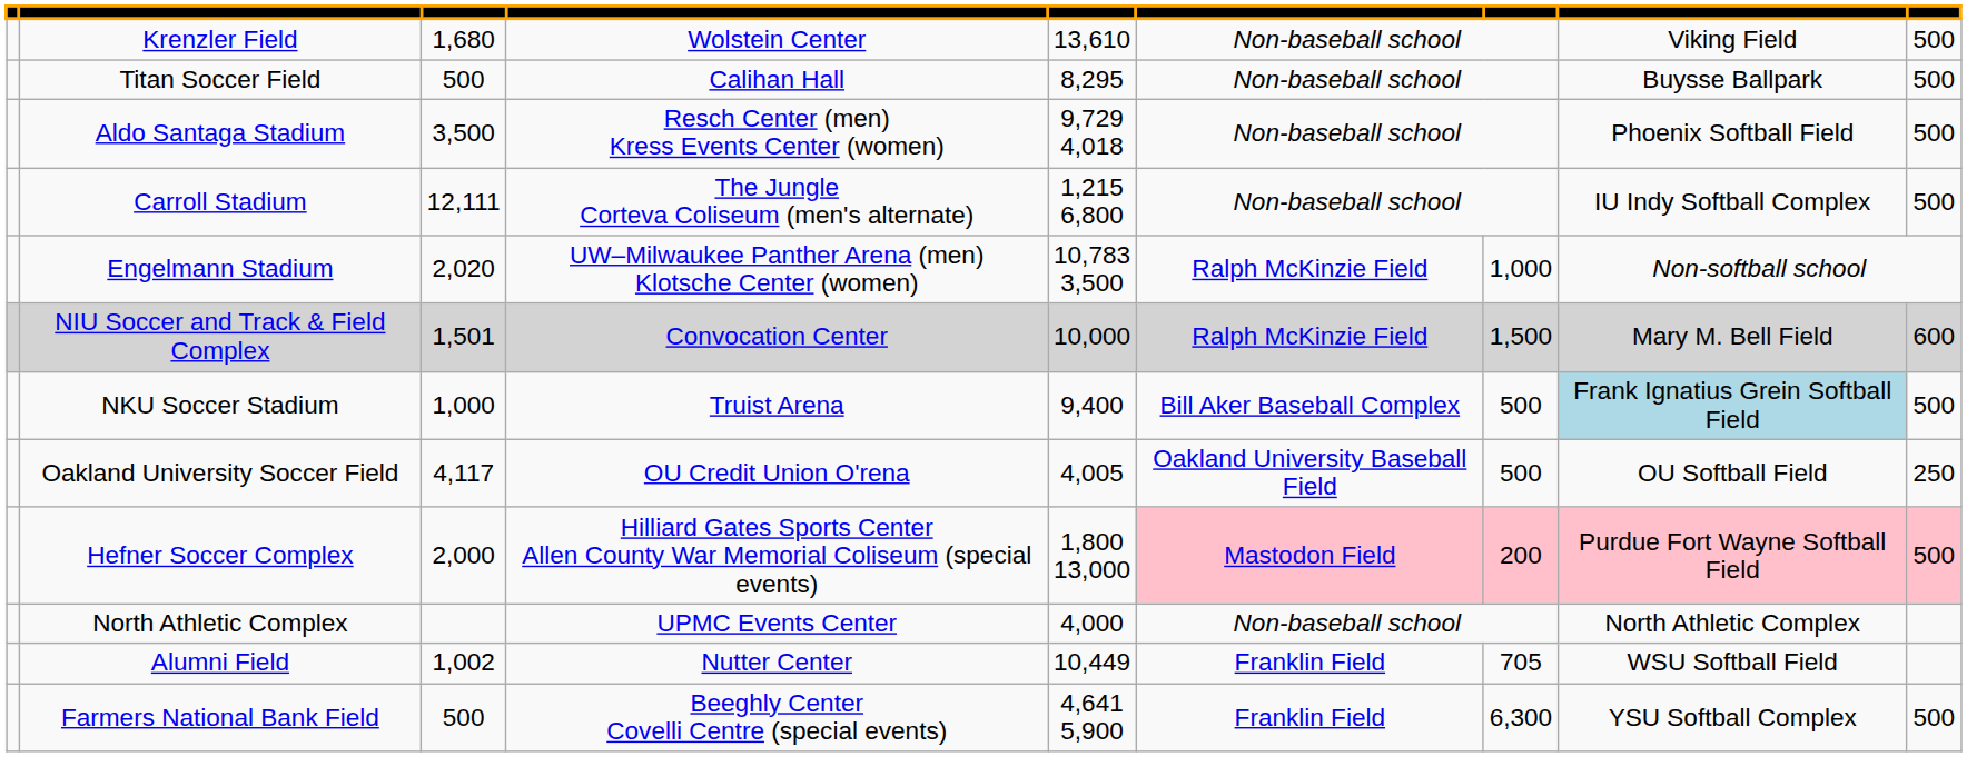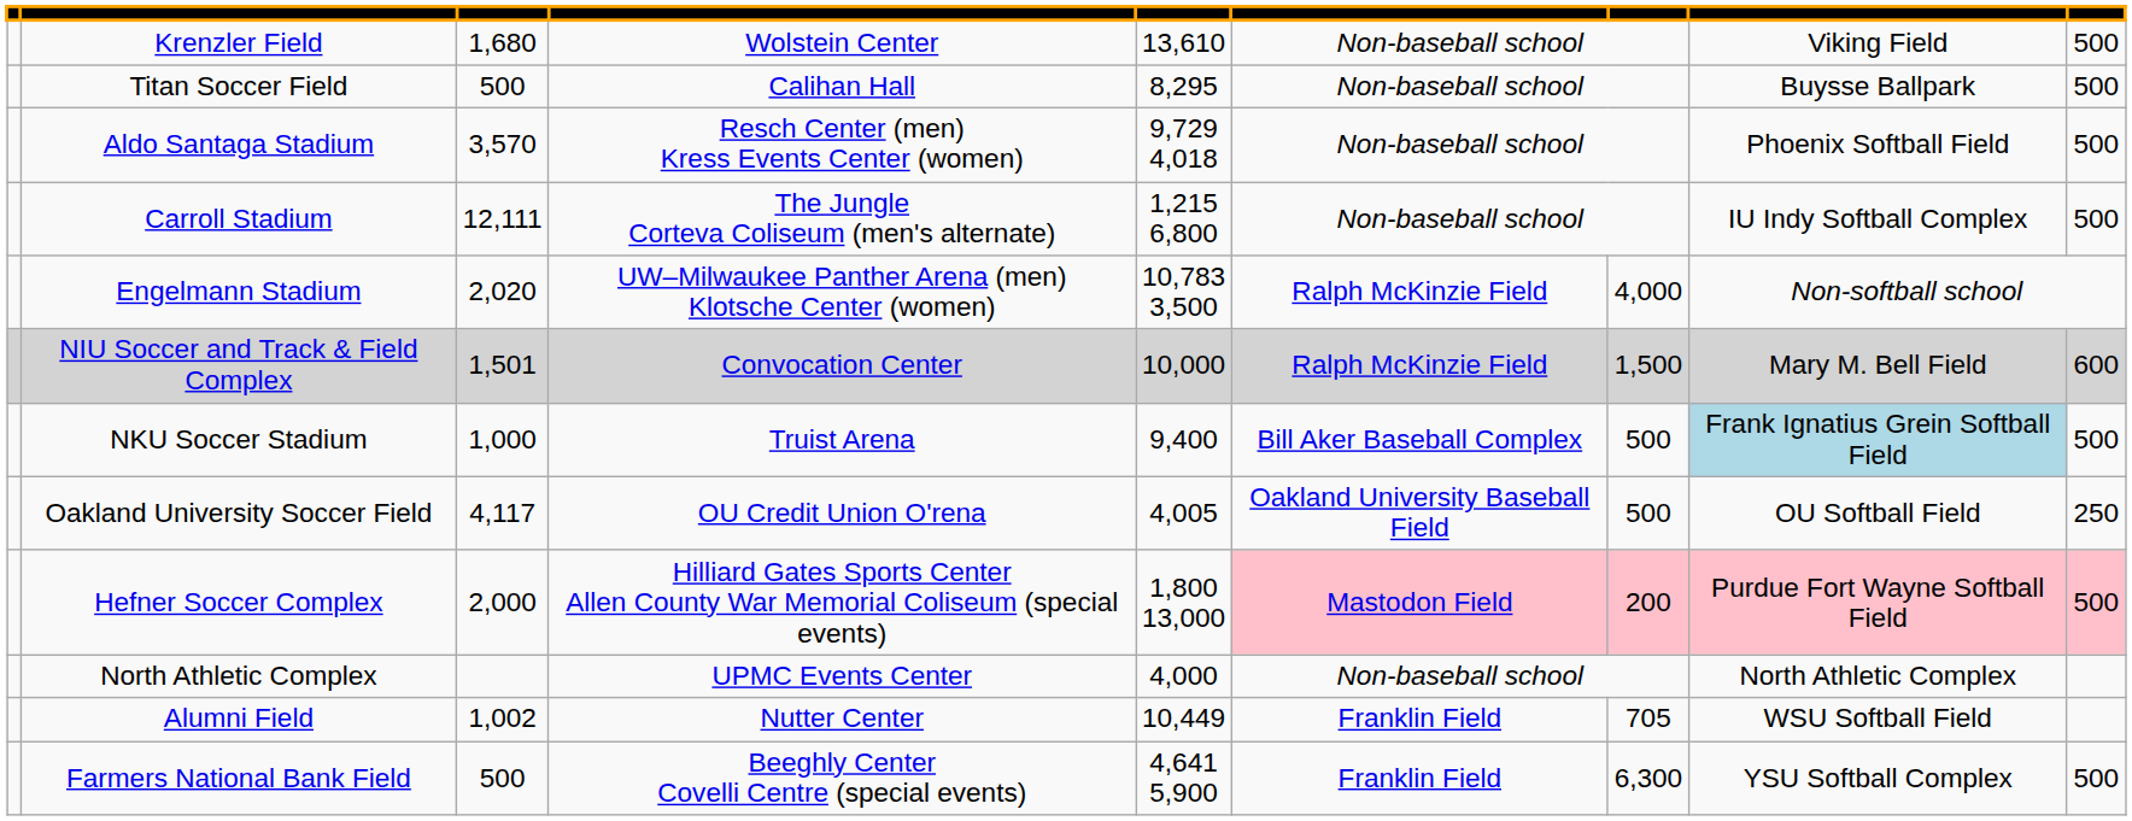 <table class="wikitable sortable" style="text-align: center">
 <tr bgcolor=black>
 <td style="border:2px solid #FFA500"></td>
 <td style="border:2px solid #FFA500"></td>
 <td style="border:2px solid #FFA500"></td>
 <td style="border:2px solid #FFA500"></td>
 <td style="border:2px solid #FFA500"></td>
 <td style="border:2px solid #FFA500"></td>
 <td style="border:2px solid #FFA500"></td>
 <td style="border:2px solid #FFA500"></td>
 <td style="border:2px solid #FFA500"></td>
 </tr>
 <tr>
 <td style="text-align:center; "><a href='#'></a></td>
 <td><a href='#'>Krenzler Field</a></td>
 <td>1,680</td>
 <td><a href='#'>Wolstein Center</a></td>
 <td>13,610</td>
 <td colspan="2" style="text-align:center;"><em>Non-baseball school</em></td>
 <td>Viking Field</td>
 <td>500</td>
 </tr>
 <tr>
 <td style="text-align:center; "><a href='#'></a></td>
 <td>Titan Soccer Field</td>
 <td>500</td>
 <td><a href='#'>Calihan Hall</a></td>
 <td>8,295</td>
 <td colspan="2" style="text-align:center;"><em>Non-baseball school</em></td>
 <td>Buysse Ballpark</td>
 <td>500</td>
 </tr>
 <tr>
 <td style="text-align:center; "><a href='#'></a></td>
 <td><a href='#'>Aldo Santaga Stadium</a></td>
-<td>3,500</td>
+<td>3,570</td>
 <td><a href='#'>Resch Center</a> (men) <br> <a href='#'>Kress Events Center</a> (women)</td>
 <td>9,729<br>4,018</td>
 <td colspan="2" style="text-align:center;"><em>Non-baseball school</em></td>
 <td>Phoenix Softball Field</td>
 <td>500</td>
 </tr>
 <tr>
 <td style="text-align:center; "><a href='#'></a></td>
 <td><a href='#'>Carroll Stadium</a></td>
 <td>12,111</td>
 <td><a href='#'>The Jungle</a><br><a href='#'>Corteva Coliseum</a> (men's alternate)</td>
 <td>1,215<br>6,800</td>
 <td colspan="2" style="text-align:center;"><em>Non-baseball school</em></td>
 <td>IU Indy Softball Complex</td>
 <td>500</td>
 </tr>
 <tr>
 <td style="text-align:center; "><a href='#'></a></td>
 <td><a href='#'>Engelmann Stadium</a></td>
 <td>2,020</td>
 <td><a href='#'>UW–Milwaukee Panther Arena</a> (men) <br> <a href='#'>Klotsche Center</a> (women)</td>
 <td>10,783<br>3,500</td>
 <td><a href='#'>Ralph McKinzie Field</a></td>
-<td>1,000</td>
+<td>4,000</td>
 <td colspan="2" style="text-align:center;"><em>Non-softball school</em></td>
 </tr>
 <tr bgcolor=lightgray>
 <td style="text-align:center; "><a href='#'></a></td>
 <td><a href='#'>NIU Soccer and Track & Field Complex</a></td>
 <td>1,501</td>
 <td><a href='#'>Convocation Center</a></td>
 <td>10,000</td>
 <td><a href='#'>Ralph McKinzie Field</a></td>
 <td>1,500</td>
 <td>Mary M. Bell Field</td>
 <td>600</td>
 </tr>
 <tr>
 <td style="text-align:center; "><a href='#'></a></td>
 <td>NKU Soccer Stadium</td>
 <td>1,000</td>
 <td><a href='#'>Truist Arena</a></td>
 <td>9,400</td>
 <td><a href='#'>Bill Aker Baseball Complex</a></td>
 <td>500</td>
 <td style="background: lightblue;">Frank Ignatius Grein Softball Field</td>
 <td>500</td>
 </tr>
 <tr>
 <td style="text-align:center; "><a href='#'></a></td>
 <td>Oakland University Soccer Field</td>
 <td>4,117</td>
 <td><a href='#'>OU Credit Union O'rena</a></td>
 <td>4,005</td>
 <td><a href='#'>Oakland University Baseball Field</a></td>
 <td>500</td>
 <td>OU Softball Field</td>
 <td>250</td>
 </tr>
 <tr>
 <td style="text-align:center; "><a href='#'></a></td>
 <td><a href='#'>Hefner Soccer Complex</a></td>
 <td>2,000</td>
 <td><a href='#'>Hilliard Gates Sports Center</a><br><a href='#'>Allen County War Memorial Coliseum</a> (special events)</td>
 <td>1,800<br>13,000</td>
 <td bgcolor=pink><a href='#'>Mastodon Field</a></td>
 <td bgcolor=pink>200</td>
 <td bgcolor=pink>Purdue Fort Wayne Softball Field</td>
 <td bgcolor=pink>500</td>
 </tr>
 <tr>
 <td style="text-align:center; "><a href='#'></a></td>
 <td>North Athletic Complex</td>
 <td></td>
 <td><a href='#'>UPMC Events Center</a></td>
 <td>4,000</td>
 <td colspan=2 align=center><em>Non-baseball school</em></td>
 <td>North Athletic Complex</td>
 <td></td>
 </tr>
 <tr>
 <td style="text-align:center; "><a href='#'></a></td>
 <td><a href='#'>Alumni Field</a></td>
 <td>1,002</td>
 <td><a href='#'>Nutter Center</a></td>
 <td>10,449</td>
 <td><a href='#'>Franklin Field</a></td>
 <td>705</td>
 <td>WSU Softball Field</td>
 <td></td>
 </tr>
 <tr>
 <td style="text-align:center; "><a href='#'></a></td>
 <td><a href='#'>Farmers National Bank Field</a></td>
 <td>500</td>
 <td><a href='#'>Beeghly Center</a><br> <a href='#'>Covelli Centre</a> (special events)</td>
 <td>4,641<br>5,900</td>
 <td><a href='#'>Franklin Field</a></td>
 <td>6,300</td>
 <td>YSU Softball Complex</td>
 <td>500</td>
 </tr>
 </table>
